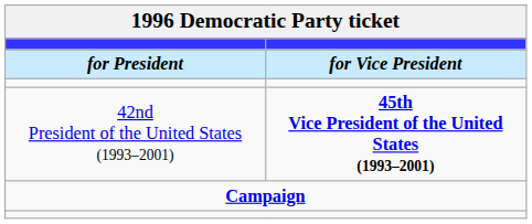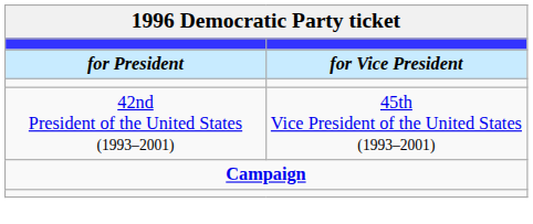 <table class="wikitable" style="font-size:90%; text-align:center;">
 <tr>
 <td style="background:#f1f1f1;" colspan="30"><big><strong>1996 Democratic Party ticket</strong></big></td>
 </tr>
 <tr>
 <th style="width:3em; font-size:135%; background:#33f; width:200px;"><a href='#'></a></th>
 <th style="width:3em; font-size:135%; background:#33f; width:200px;"><a href='#'></a></th>
 </tr>
 <tr style="color:#000; font-size:100%; background:#c8ebff;">
 <td style="width:3em; width:200px;"><strong><em>for President</em></strong></td>
 <td style="width:3em; width:200px;"><strong><em>for Vice President</em></strong></td>
 </tr>
 <tr>
 <td></td>
 <td></td>
 </tr>
 <tr>
 <td><a href='#'>42nd</a> <br><a href='#'>President of the United States</a><br><small>(1993–2001)</small></td>
-<td><strong><a href='#'>45th</a><br><a href='#'>Vice President of the United States</a><br><small>(1993–2001)</small></strong></td>
+<td><a href='#'>45th</a><br><a href='#'>Vice President of the United States</a><br><small>(1993–2001)</small></td>
 </tr>
 <tr>
 <td colspan=2><a href='#'><strong>Campaign</strong></a></td>
 </tr>
 <tr>
 <td colspan=2></td>
 </tr>
 </table>
